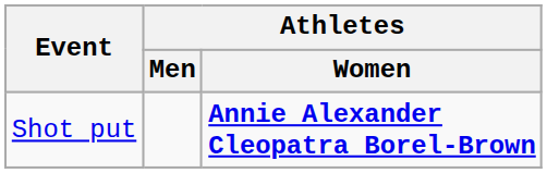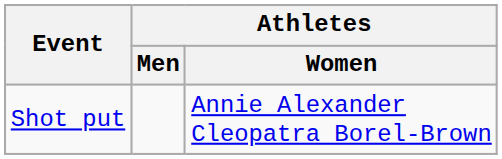 <table class=wikitable style="font-size:90%">
 <tr>
 <th rowspan=2>Event</th>
 <th colspan=2>Athletes</th>
 </tr>
 <tr>
 <th>Men</th>
 <th>Women</th>
 </tr>
 <tr>
 <td><a href='#'>Shot put</a></td>
 <td></td>
-<td><strong><a href='#'>Annie Alexander</a><br><a href='#'>Cleopatra Borel-Brown</a></strong></td>
+<td><a href='#'>Annie Alexander</a><br><a href='#'>Cleopatra Borel-Brown</a></td>
 </tr>
 </table>
